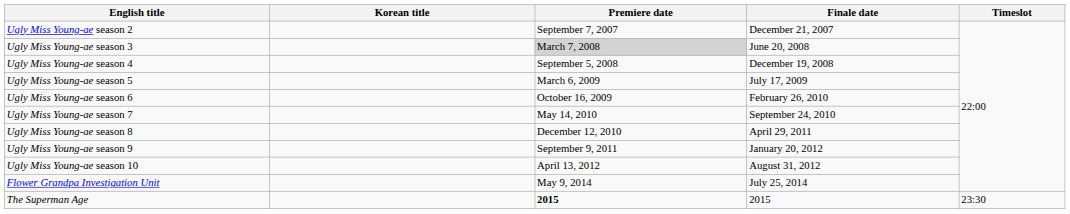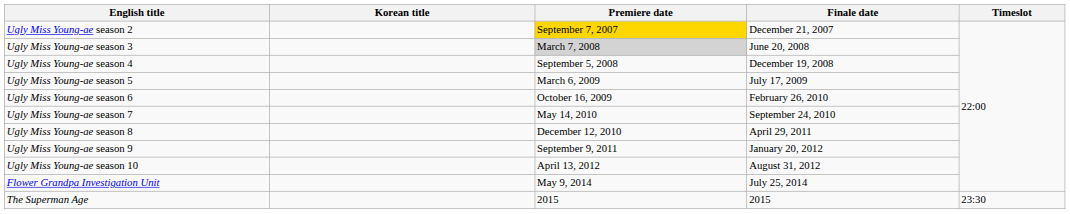 <table class="wikitable sortable" width="100%">
 <tr>
 <th style="width:25%">English title</th>
 <th style="width:25%">Korean title</th>
 <th style="width:20%">Premiere date</th>
 <th style="width:20%">Finale date</th>
 <th style="width:10%">Timeslot</th>
 </tr>
 <tr>
 <td><em><a href='#'>Ugly Miss Young-ae</a></em> season 2</td>
 <td></td>
-<td>September 7, 2007</td>
+<td style="background: gold;">September 7, 2007</td>
 <td>December 21, 2007</td>
 <td rowspan="10">22:00</td>
 </tr>
 <tr>
 <td><em>Ugly Miss Young-ae</em> season 3</td>
 <td></td>
 <td style="background: lightgrey;">March 7, 2008</td>
 <td>June 20, 2008</td>
 </tr>
 <tr>
 <td><em>Ugly Miss Young-ae</em> season 4</td>
 <td></td>
 <td>September 5, 2008</td>
 <td>December 19, 2008</td>
 </tr>
 <tr>
 <td><em>Ugly Miss Young-ae</em> season 5</td>
 <td></td>
 <td>March 6, 2009</td>
 <td>July 17, 2009</td>
 </tr>
 <tr>
 <td><em>Ugly Miss Young-ae</em> season 6</td>
 <td></td>
 <td>October 16, 2009</td>
 <td>February 26, 2010</td>
 </tr>
 <tr>
 <td><em>Ugly Miss Young-ae</em> season 7</td>
 <td></td>
 <td>May 14, 2010</td>
 <td>September 24, 2010</td>
 </tr>
 <tr>
 <td><em>Ugly Miss Young-ae</em> season 8</td>
 <td></td>
 <td>December 12, 2010</td>
 <td>April 29, 2011</td>
 </tr>
 <tr>
 <td><em>Ugly Miss Young-ae</em> season 9</td>
 <td></td>
 <td>September 9, 2011</td>
 <td>January 20, 2012</td>
 </tr>
 <tr>
 <td><em>Ugly Miss Young-ae</em> season 10</td>
 <td></td>
 <td>April 13, 2012</td>
 <td>August 31, 2012</td>
 </tr>
 <tr>
 <td><em><a href='#'>Flower Grandpa Investigation Unit</a></em></td>
 <td></td>
 <td>May 9, 2014</td>
 <td>July 25, 2014</td>
 </tr>
 <tr>
 <td><em>The Superman Age</em></td>
 <td></td>
-<td><strong>2015</strong></td>
+<td>2015</td>
 <td>2015</td>
 <td>23:30</td>
 </tr>
 </table>
